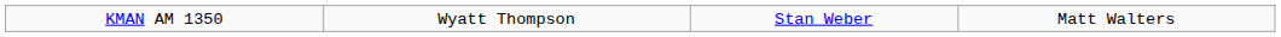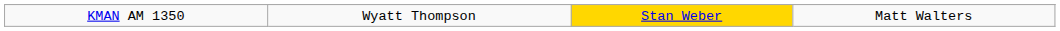 <table style="min-width:80%; text-align:center;" class="wikitable">
 <tr>
 </tr>
 <tr>
 <td><a href='#'>KMAN</a> AM 1350</td>
 <td>Wyatt Thompson</td>
-<td><a href='#'>Stan Weber</a></td>
+<td style="background: gold;"><a href='#'>Stan Weber</a></td>
 <td>Matt Walters</td>
 </tr>
 </table>
